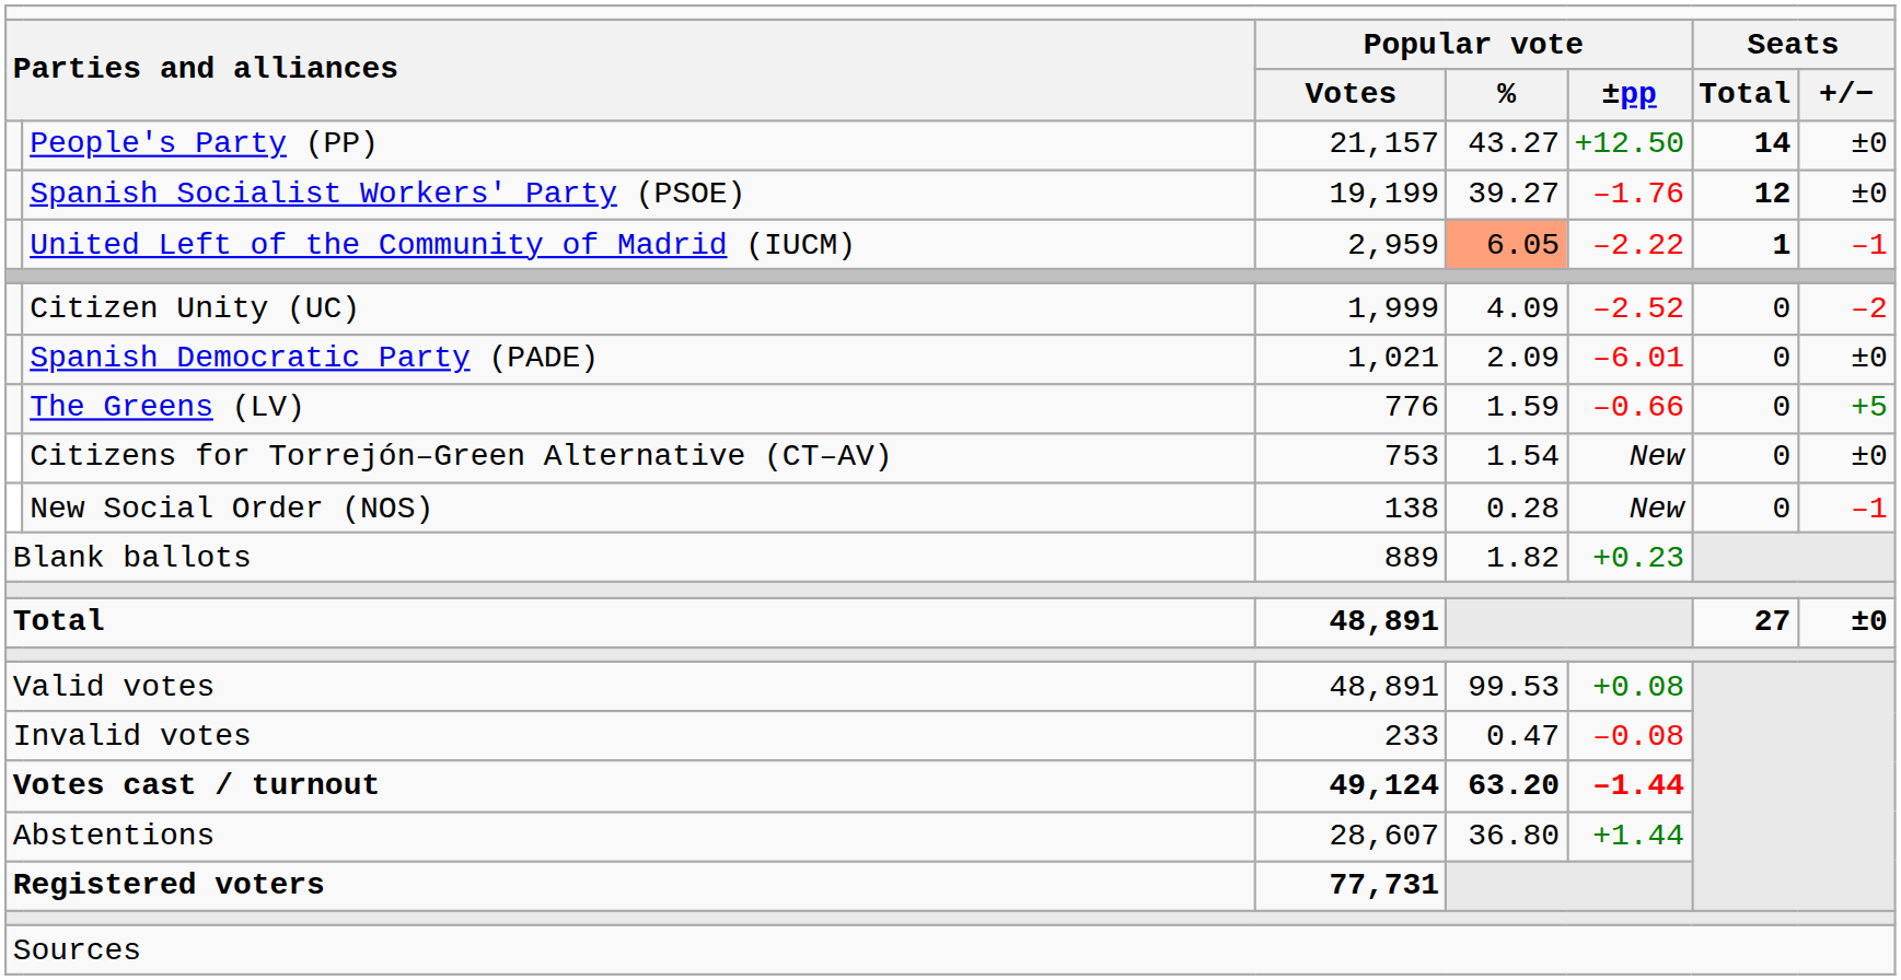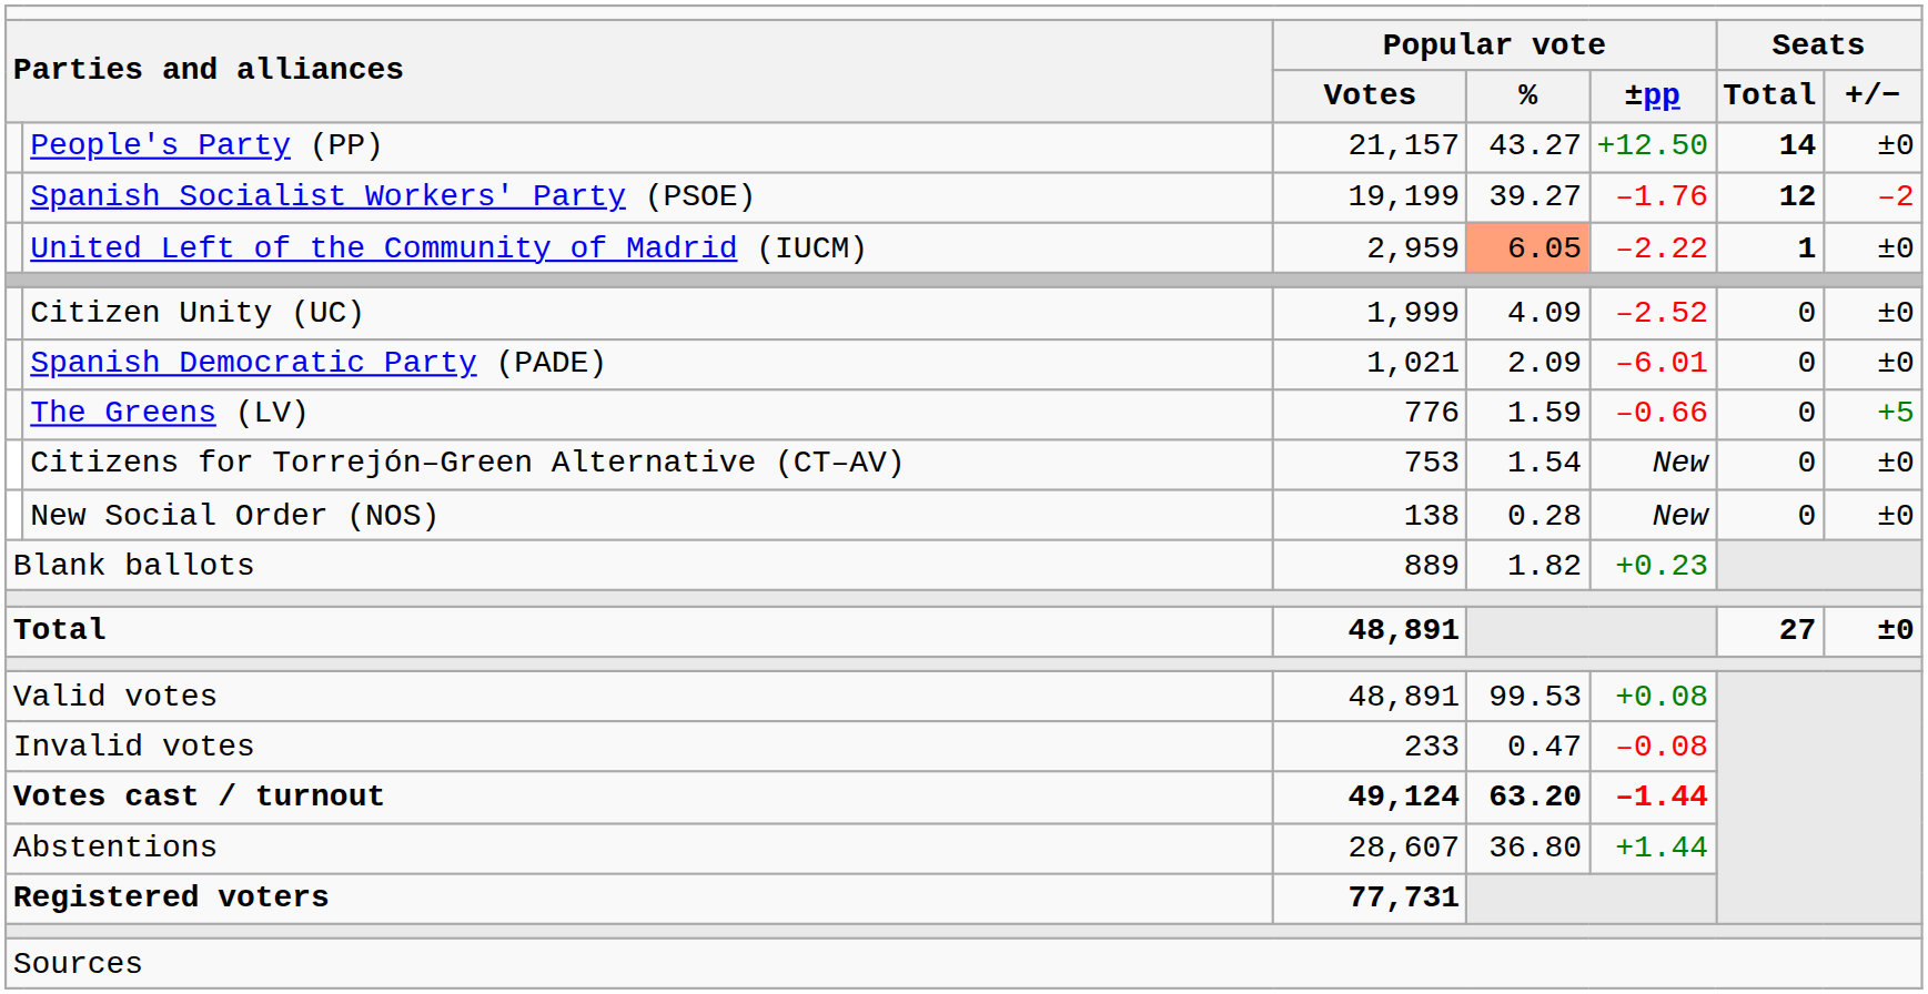 <table class="wikitable" style="text-align:right;">
 <tr>
 <td colspan="7"></td>
 </tr>
 <tr>
 <th style="text-align:left;" rowspan="2" colspan="2" width="525">Parties and alliances</th>
 <th colspan="3">Popular vote</th>
 <th colspan="2">Seats</th>
 </tr>
 <tr>
 <th width="75">Votes</th>
 <th width="45">%</th>
 <th width="45">±<a href='#'>pp</a></th>
 <th width="35">Total</th>
 <th width="35">+/−</th>
 </tr>
 <tr>
 <td width="1" style="color:inherit;background:"></td>
 <td align="left"><a href='#'>People's Party</a> (PP)</td>
 <td>21,157</td>
 <td>43.27</td>
 <td style="color:green;">+12.50</td>
 <td><strong>14</strong></td>
 <td>±0</td>
 </tr>
 <tr>
 <td style="color:inherit;background:"></td>
 <td align="left"><a href='#'>Spanish Socialist Workers' Party</a> (PSOE)</td>
 <td>19,199</td>
 <td>39.27</td>
 <td style="color:red;">–1.76</td>
 <td><strong>12</strong></td>
-<td>±0</td>
+<td style="color:red;">–2</td>
 </tr>
 <tr>
 <td style="color:inherit;background:"></td>
 <td align="left"><a href='#'>United Left of the Community of Madrid</a> (IUCM)</td>
 <td>2,959</td>
 <td style="background: lightsalmon;">6.05</td>
 <td style="color:red;">–2.22</td>
 <td><strong>1</strong></td>
-<td style="color:red;">–1</td>
+<td>±0</td>
 </tr>
 <tr>
 <td colspan="7" bgcolor="#C0C0C0"></td>
 </tr>
 <tr>
 <td style="color:inherit;background:"></td>
 <td align="left">Citizen Unity (UC)</td>
 <td>1,999</td>
 <td>4.09</td>
 <td style="color:red;">–2.52</td>
 <td>0</td>
-<td style="color:red;">–2</td>
+<td>±0</td>
 </tr>
 <tr>
 <td style="color:inherit;background:"></td>
 <td align="left"><a href='#'>Spanish Democratic Party</a> (PADE)</td>
 <td>1,021</td>
 <td>2.09</td>
 <td style="color:red;">–6.01</td>
 <td>0</td>
 <td>±0</td>
 </tr>
 <tr>
 <td style="color:inherit;background:"></td>
 <td align="left"><a href='#'>The Greens</a> (LV)</td>
 <td>776</td>
 <td>1.59</td>
 <td style="color:red;">–0.66</td>
 <td>0</td>
 <td style="color:green;">+5</td>
 </tr>
 <tr>
 <td bgcolor="white"></td>
 <td align="left">Citizens for Torrejón–Green Alternative (CT–AV)</td>
 <td>753</td>
 <td>1.54</td>
 <td><em>New</em></td>
 <td>0</td>
 <td>±0</td>
 </tr>
 <tr>
 <td bgcolor="white"></td>
 <td align="left">New Social Order (NOS)</td>
 <td>138</td>
 <td>0.28</td>
 <td><em>New</em></td>
 <td>0</td>
-<td style="color:red;">–1</td>
+<td>±0</td>
 </tr>
 <tr>
 <td align="left" colspan="2">Blank ballots</td>
 <td>889</td>
 <td>1.82</td>
 <td style="color:green;">+0.23</td>
 <td bgcolor="#E9E9E9" colspan="2"></td>
 </tr>
 <tr>
 <td colspan="7" bgcolor="#E9E9E9"></td>
 </tr>
 <tr style="font-weight:bold;">
 <td align="left" colspan="2">Total</td>
 <td>48,891</td>
 <td bgcolor="#E9E9E9" colspan="2"></td>
 <td>27</td>
 <td>±0</td>
 </tr>
 <tr>
 <td colspan="7" bgcolor="#E9E9E9"></td>
 </tr>
 <tr>
 <td align="left" colspan="2">Valid votes</td>
 <td>48,891</td>
 <td>99.53</td>
 <td style="color:green;">+0.08</td>
 <td bgcolor="#E9E9E9" colspan="2" rowspan="5"></td>
 </tr>
 <tr>
 <td align="left" colspan="2">Invalid votes</td>
 <td>233</td>
 <td>0.47</td>
 <td style="color:red;">–0.08</td>
 </tr>
 <tr style="font-weight:bold;">
 <td align="left" colspan="2">Votes cast / turnout</td>
 <td>49,124</td>
 <td>63.20</td>
 <td style="color:red;">–1.44</td>
 </tr>
 <tr>
 <td align="left" colspan="2">Abstentions</td>
 <td>28,607</td>
 <td>36.80</td>
 <td style="color:green;">+1.44</td>
 </tr>
 <tr style="font-weight:bold;">
 <td align="left" colspan="2">Registered voters</td>
 <td>77,731</td>
 <td bgcolor="#E9E9E9" colspan="2"></td>
 </tr>
 <tr>
 <td colspan="7" bgcolor="#E9E9E9"></td>
 </tr>
 <tr>
 <td align="left" colspan="7">Sources</td>
 </tr>
 </table>
